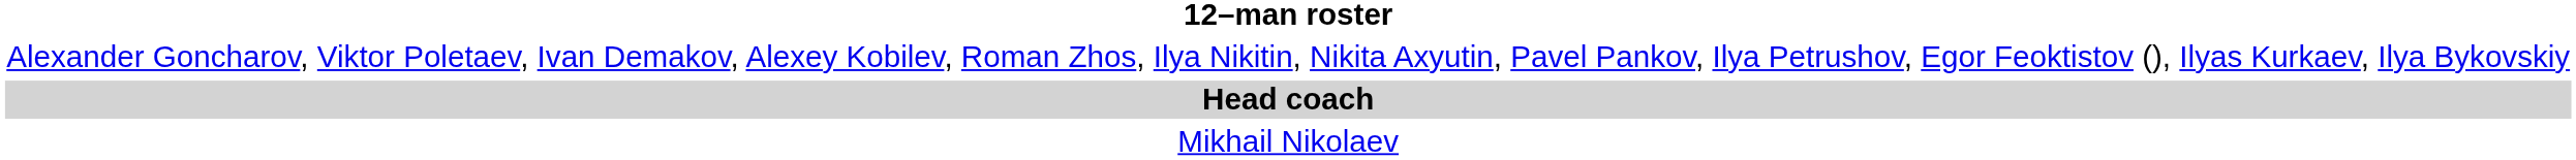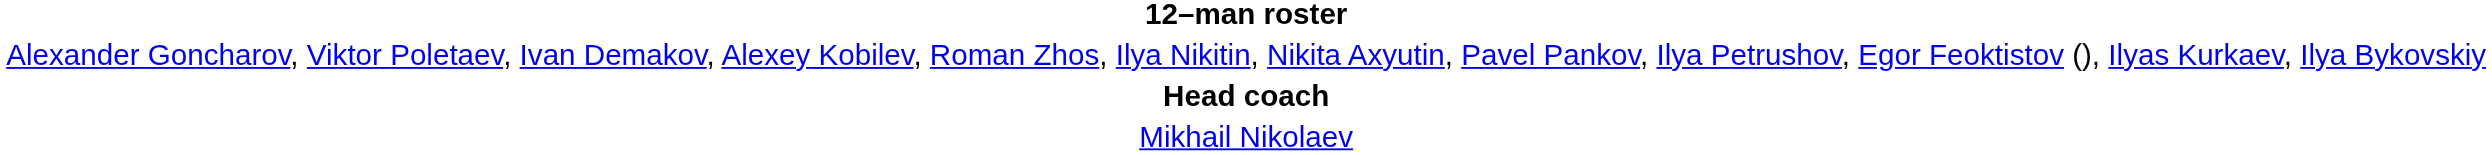 <table style="text-align:center; margin-top:2em; margin-left:auto; margin-right:auto">
 <tr>
 <td><strong>12–man roster</strong></td>
 </tr>
 <tr>
 <td><a href='#'>Alexander Goncharov</a>, <a href='#'>Viktor Poletaev</a>, <a href='#'>Ivan Demakov</a>, <a href='#'>Alexey Kobilev</a>, <a href='#'>Roman Zhos</a>, <a href='#'>Ilya Nikitin</a>, <a href='#'>Nikita Axyutin</a>, <a href='#'>Pavel Pankov</a>, <a href='#'>Ilya Petrushov</a>, <a href='#'>Egor Feoktistov</a> (), <a href='#'>Ilyas Kurkaev</a>, <a href='#'>Ilya Bykovskiy</a></td>
 </tr>
 <tr>
-<td style="background: lightgrey;"><strong>Head coach</strong></td>
+<td><strong>Head coach</strong></td>
 </tr>
 <tr>
 <td><a href='#'>Mikhail Nikolaev</a></td>
 </tr>
 </table>
